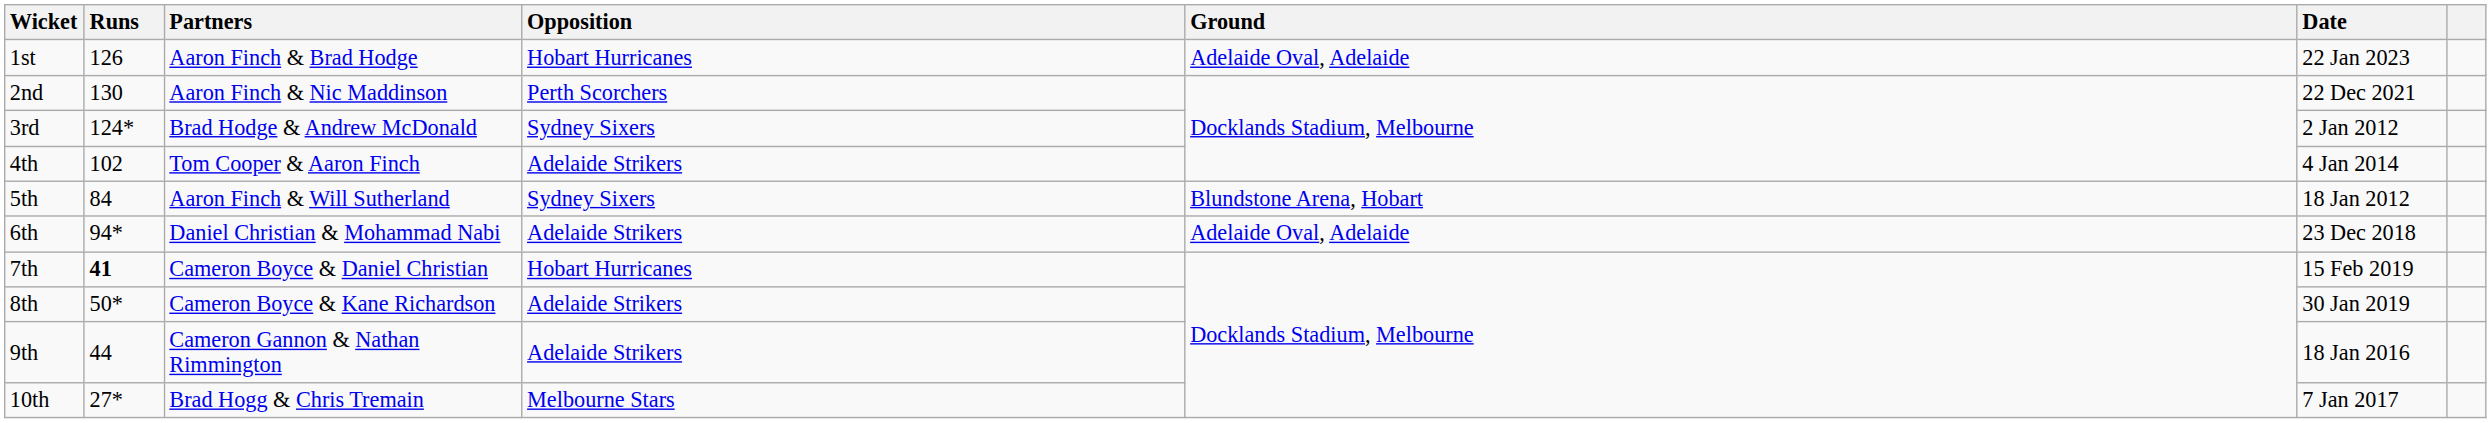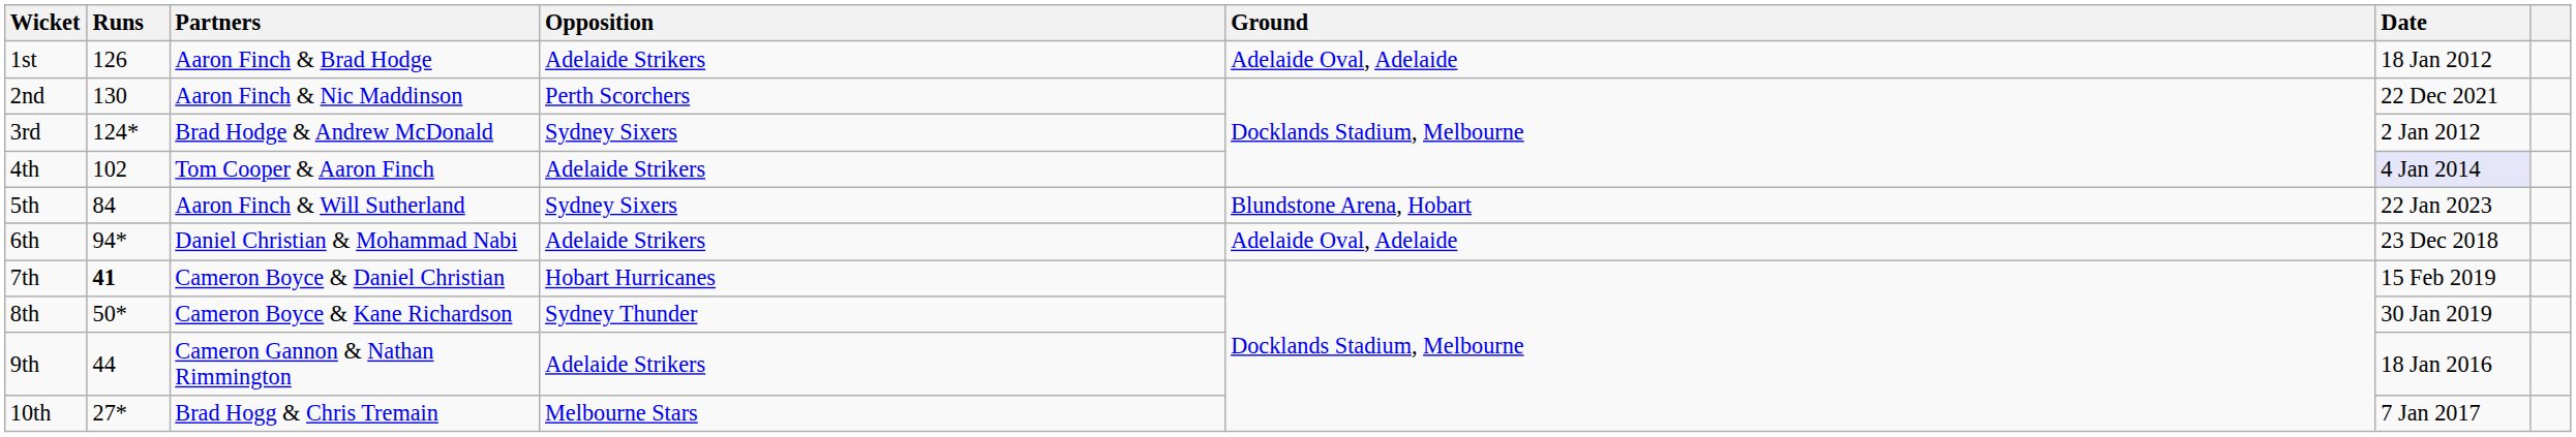 <table class=wikitable style="text-align:left; width:90%">
 <tr>
 <th style="text-align:left; width:50px">Wicket</th>
 <th style="text-align:left; width:50px">Runs</th>
 <th style="text-align:left; width:250px">Partners</th>
 <th style="text-align:left;">Opposition</th>
 <th style="text-align:left;">Ground</th>
 <th style="text-align:left; width:100px">Date</th>
 <th></th>
 </tr>
 <tr>
 <td>1st</td>
 <td>126</td>
 <td><a href='#'>Aaron Finch</a> & <a href='#'>Brad Hodge</a></td>
-<td><a href='#'>Hobart Hurricanes</a></td>
+<td><a href='#'>Adelaide Strikers</a></td>
 <td><a href='#'>Adelaide Oval</a>, <a href='#'>Adelaide</a></td>
-<td>22 Jan 2023</td>
+<td>18 Jan 2012</td>
 <td></td>
 </tr>
 <tr>
 <td>2nd</td>
 <td>130</td>
 <td><a href='#'>Aaron Finch</a> & <a href='#'>Nic Maddinson</a></td>
 <td><a href='#'>Perth Scorchers</a></td>
 <td rowspan="3"><a href='#'>Docklands Stadium</a>, <a href='#'>Melbourne</a></td>
 <td>22 Dec 2021</td>
 <td></td>
 </tr>
 <tr>
 <td>3rd</td>
 <td>124*</td>
 <td><a href='#'>Brad Hodge</a> & <a href='#'>Andrew McDonald</a></td>
 <td><a href='#'>Sydney Sixers</a></td>
 <td>2 Jan 2012</td>
 <td></td>
 </tr>
 <tr>
 <td>4th</td>
 <td>102</td>
 <td><a href='#'>Tom Cooper</a> & <a href='#'>Aaron Finch</a></td>
 <td><a href='#'>Adelaide Strikers</a></td>
-<td>4 Jan 2014</td>
+<td style="background: lavender;">4 Jan 2014</td>
 <td></td>
 </tr>
 <tr>
 <td>5th</td>
 <td>84</td>
 <td><a href='#'>Aaron Finch</a> & <a href='#'>Will Sutherland</a></td>
 <td><a href='#'>Sydney Sixers</a></td>
 <td><a href='#'>Blundstone Arena</a>, <a href='#'>Hobart</a></td>
-<td>18 Jan 2012</td>
+<td>22 Jan 2023</td>
 <td></td>
 </tr>
 <tr>
 <td>6th</td>
 <td>94*</td>
 <td><a href='#'>Daniel Christian</a> & <a href='#'>Mohammad Nabi</a></td>
 <td><a href='#'>Adelaide Strikers</a></td>
 <td><a href='#'>Adelaide Oval</a>, <a href='#'>Adelaide</a></td>
 <td>23 Dec 2018</td>
 <td></td>
 </tr>
 <tr>
 <td>7th</td>
 <td><strong>41</strong></td>
 <td><a href='#'>Cameron Boyce</a> & <a href='#'>Daniel Christian</a></td>
 <td><a href='#'>Hobart Hurricanes</a></td>
 <td rowspan="4"><a href='#'>Docklands Stadium</a>, <a href='#'>Melbourne</a></td>
 <td>15 Feb 2019</td>
 <td></td>
 </tr>
 <tr>
 <td>8th</td>
 <td>50*</td>
 <td><a href='#'>Cameron Boyce</a> & <a href='#'>Kane Richardson</a></td>
-<td><a href='#'>Adelaide Strikers</a></td>
+<td><a href='#'>Sydney Thunder</a></td>
 <td>30 Jan 2019</td>
 <td></td>
 </tr>
 <tr>
 <td>9th</td>
 <td>44</td>
 <td><a href='#'>Cameron Gannon</a> & <a href='#'>Nathan Rimmington</a></td>
 <td><a href='#'>Adelaide Strikers</a></td>
 <td>18 Jan 2016</td>
 <td></td>
 </tr>
 <tr>
 <td>10th</td>
 <td>27*</td>
 <td><a href='#'>Brad Hogg</a> & <a href='#'>Chris Tremain</a></td>
 <td><a href='#'>Melbourne Stars</a></td>
 <td>7 Jan 2017</td>
 <td></td>
 </tr>
 </table>
